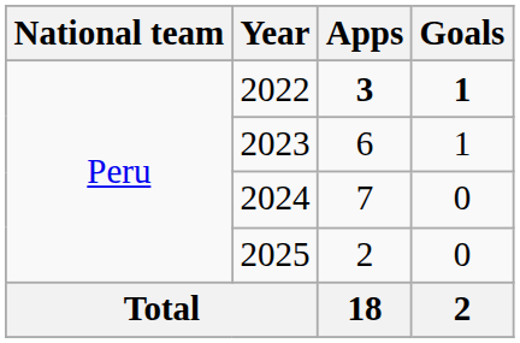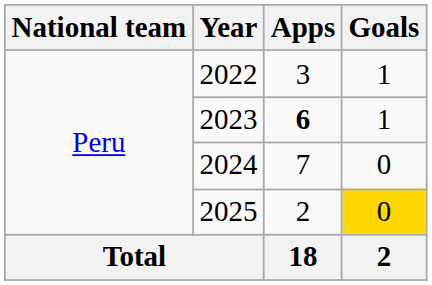 <table class="wikitable" style="text-align:center">
 <tr>
 <th>National team</th>
 <th>Year</th>
 <th>Apps</th>
 <th>Goals</th>
 </tr>
 <tr>
 <td rowspan="4"><a href='#'>Peru</a></td>
 <td>2022</td>
-<td><strong>3</strong></td>
-<td><strong>1</strong></td>
+<td>3</td>
+<td>1</td>
 </tr>
 <tr>
 <td>2023</td>
-<td>6</td>
+<td><strong>6</strong></td>
 <td>1</td>
 </tr>
 <tr>
 <td>2024</td>
 <td>7</td>
 <td>0</td>
 </tr>
 <tr>
 <td>2025</td>
 <td>2</td>
-<td>0</td>
+<td style="background: gold;">0</td>
 </tr>
 <tr>
 <th colspan="2">Total</th>
 <th>18</th>
 <th>2</th>
 </tr>
 </table>
